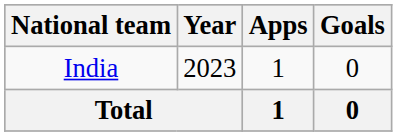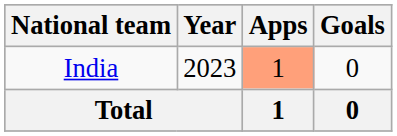 <table class="wikitable" style="text-align:center">
 <tr>
 <th>National team</th>
 <th>Year</th>
 <th>Apps</th>
 <th>Goals</th>
 </tr>
 <tr>
 <td rowspan="1"><a href='#'>India</a></td>
 <td>2023</td>
-<td>1</td>
+<td style="background: lightsalmon;">1</td>
 <td>0</td>
 </tr>
 <tr>
 <th colspan="2">Total</th>
 <th>1</th>
 <th>0</th>
 </tr>
 </table>
